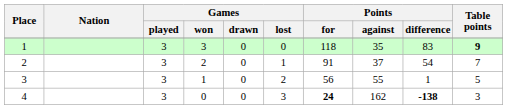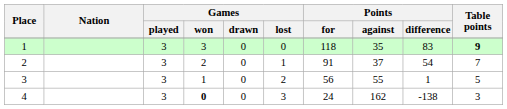 <table class="wikitable">
 <tr>
 <th rowspan=2 width="8%">Place</th>
 <th rowspan=2 width="20%">Nation</th>
 <th colspan=4 width="32%">Games</th>
 <th colspan=3 width="30%">Points</th>
 <th rowspan=2 width="10%">Table<br>points</th>
 </tr>
 <tr>
 <th width="8%">played</th>
 <th width="8%">won</th>
 <th width="8%">drawn</th>
 <th width="8%">lost</th>
 <th width="10%">for</th>
 <th width="10%">against</th>
 <th width="10%">difference</th>
 </tr>
 <tr>
 </tr>
 <tr bgcolor=#ccffcc align=center>
 <td>1</td>
 <td align=left><strong></strong></td>
 <td>3</td>
 <td>3</td>
 <td>0</td>
 <td>0</td>
 <td>118</td>
 <td>35</td>
 <td>83</td>
 <td><strong>9</strong></td>
 </tr>
 <tr bgcolor=#ffffff align=center>
 <td>2</td>
 <td align=left></td>
 <td>3</td>
 <td>2</td>
 <td>0</td>
 <td>1</td>
 <td>91</td>
 <td>37</td>
 <td>54</td>
 <td>7</td>
 </tr>
 <tr bgcolor=#ffffff align=center>
 <td>3</td>
 <td align=left></td>
 <td>3</td>
 <td>1</td>
 <td>0</td>
 <td>2</td>
 <td>56</td>
 <td>55</td>
 <td>1</td>
 <td>5</td>
 </tr>
 <tr bgcolor=#ffffff align=center>
 <td>4</td>
 <td align=left><em></em></td>
 <td>3</td>
-<td>0</td>
+<td><strong>0</strong></td>
 <td>0</td>
 <td>3</td>
-<td><strong>24</strong></td>
+<td>24</td>
 <td>162</td>
-<td><strong>-138</strong></td>
+<td>-138</td>
 <td>3</td>
 </tr>
 </table>
